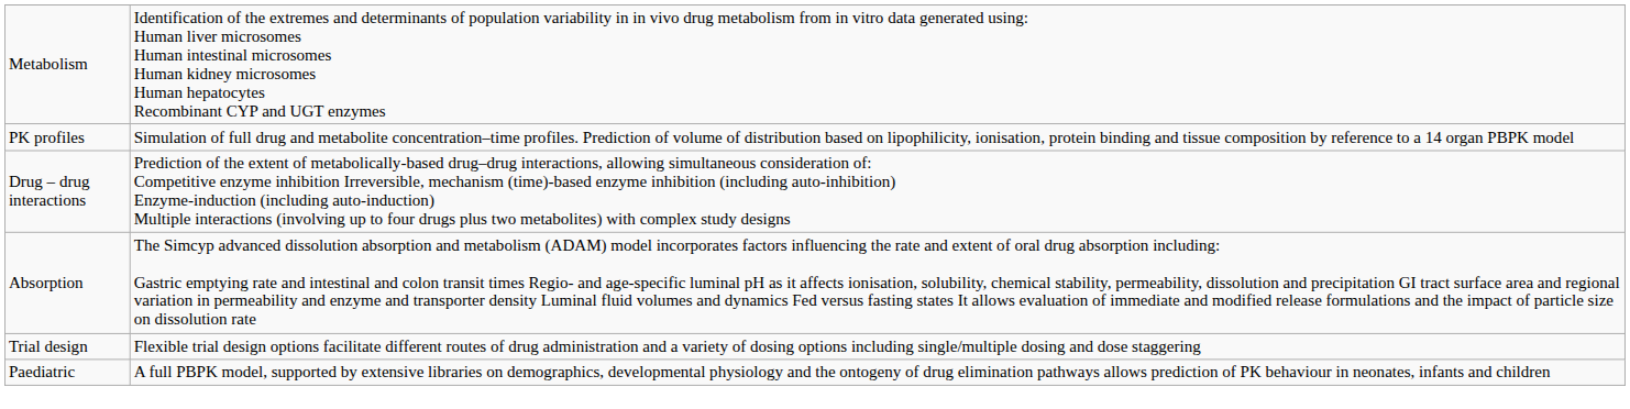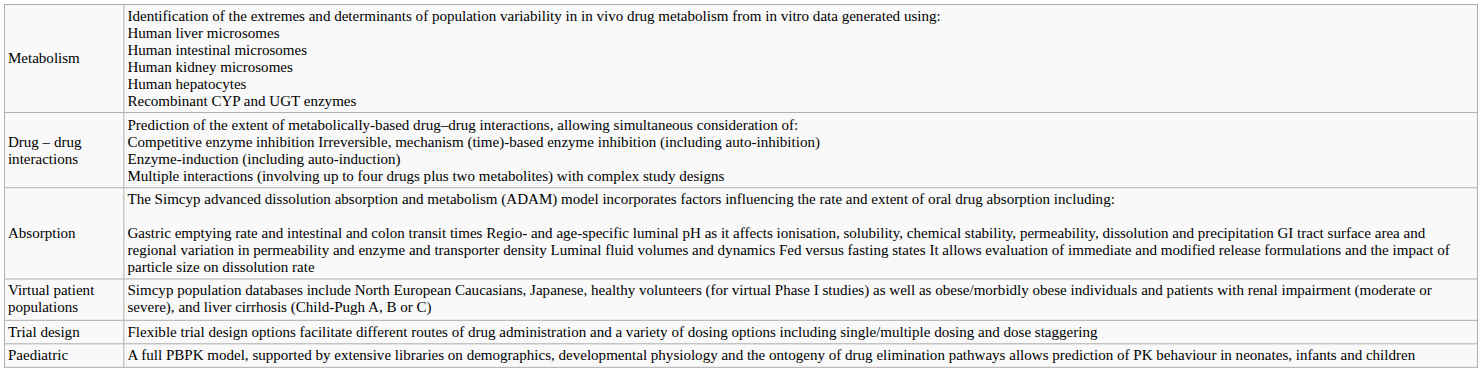 <table class="wikitable" border="1">
 <tr>
 </tr>
 <tr>
 <td>Metabolism</td>
 <td>Identification of the extremes and determinants of population variability in in vivo drug metabolism from in vitro data generated using:<br>Human liver microsomes<br> Human intestinal microsomes<br> Human kidney microsomes<br> Human hepatocytes<br> Recombinant CYP and UGT enzymes<br></td>
-</tr>
-<tr>
-<td>PK profiles</td>
-<td>Simulation of full drug and metabolite concentration–time profiles. Prediction of volume of distribution based on lipophilicity, ionisation, protein binding and tissue composition by reference to a 14 organ PBPK model</td>
 </tr>
 <tr>
 <td>Drug – drug interactions</td>
 <td>Prediction of the extent of metabolically-based drug–drug interactions, allowing simultaneous consideration of:<br>Competitive enzyme inhibition Irreversible, mechanism (time)-based enzyme inhibition (including auto-inhibition)<br>Enzyme-induction (including auto-induction)<br>Multiple interactions (involving up to four drugs plus two metabolites) with complex study designs</td>
 </tr>
 <tr>
 <td>Absorption</td>
 <td>The Simcyp advanced dissolution absorption and metabolism (ADAM) model incorporates factors influencing the rate and extent of oral drug absorption including:<br><br>Gastric emptying rate and intestinal and colon transit times Regio- and age-specific luminal pH as it affects ionisation, solubility, chemical stability, permeability, dissolution and precipitation GI tract surface area and regional variation in permeability and enzyme and transporter density Luminal fluid volumes and dynamics Fed versus fasting states It allows evaluation of immediate and modified release formulations and the impact of particle size on dissolution rate</td>
 </tr>
 <tr>
+<td>Virtual patient populations</td>
+<td>Simcyp population databases include North European Caucasians, Japanese, healthy volunteers (for virtual Phase I studies) as well as obese/morbidly obese individuals and patients with renal impairment (moderate or severe), and liver cirrhosis (Child-Pugh A, B or C)</td>
+</tr>
+<tr>
 <td>Trial design</td>
 <td>Flexible trial design options facilitate different routes of drug administration and a variety of dosing options including single/multiple dosing and dose staggering</td>
 </tr>
 <tr>
 <td>Paediatric</td>
 <td>A full PBPK model, supported by extensive libraries on demographics, developmental physiology and the ontogeny of drug elimination pathways allows prediction of PK behaviour in neonates, infants and children</td>
 </tr>
 </table>
